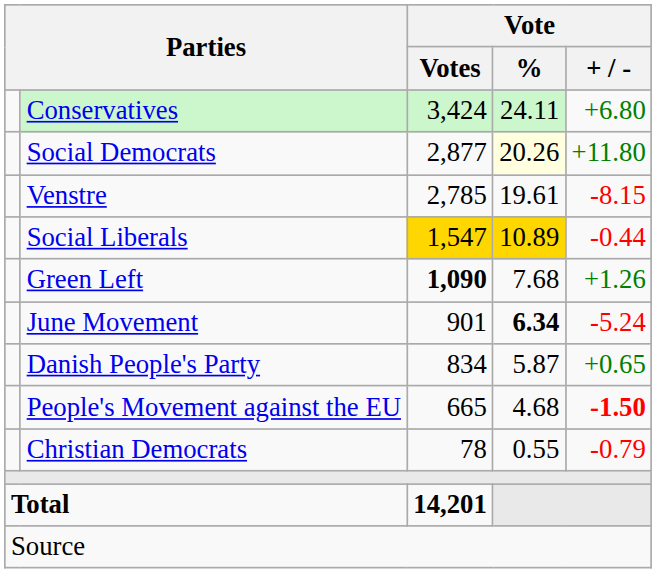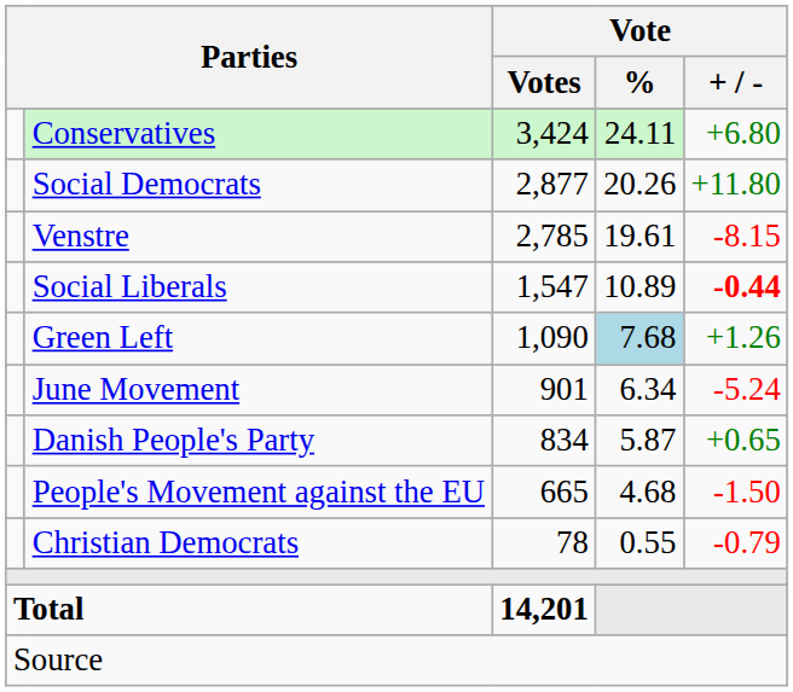 <table class="wikitable" style="text-align:right;">
 <tr>
 <th style="text-align:centre;" rowspan="2" colspan="2" width="225">Parties</th>
 <th colspan="3">Vote</th>
 </tr>
 <tr>
 <th width="15">Votes</th>
 <th width="15">%</th>
 <th width="15">+ / -</th>
 </tr>
 <tr>
 <td width="2" style="color:inherit;background:"></td>
 <td bgcolor=#ccf7cc   align="left"><a href='#'>Conservatives</a></td>
 <td bgcolor=#ccf7cc>3,424</td>
 <td bgcolor=#ccf7cc>24.11</td>
 <td style=color:green;>+6.80</td>
 </tr>
 <tr>
 <td width="2" style="color:inherit;background:"></td>
 <td align="left"><a href='#'>Social Democrats</a></td>
 <td>2,877</td>
-<td style="background: lightyellow;">20.26</td>
+<td>20.26</td>
 <td style=color:green;>+11.80</td>
 </tr>
 <tr>
 <td width="2" style="color:inherit;background:"></td>
 <td align="left"><a href='#'>Venstre</a></td>
 <td>2,785</td>
 <td>19.61</td>
 <td style=color:red;>-8.15</td>
 </tr>
 <tr>
 <td width="2" style="color:inherit;background:"></td>
 <td align="left"><a href='#'>Social Liberals</a></td>
-<td style="background: gold;">1,547</td>
-<td style="background: gold;">10.89</td>
-<td style=color:red;>-0.44</td>
+<td>1,547</td>
+<td>10.89</td>
+<td style=color:red;><strong>-0.44</strong></td>
 </tr>
 <tr>
 <td width="2" style="color:inherit;background:"></td>
 <td align="left"><a href='#'>Green Left</a></td>
-<td><strong>1,090</strong></td>
-<td>7.68</td>
+<td>1,090</td>
+<td style="background: lightblue;">7.68</td>
 <td style=color:green;>+1.26</td>
 </tr>
 <tr>
 <td width="2" style="color:inherit;background:"></td>
 <td align="left"><a href='#'>June Movement</a></td>
 <td>901</td>
-<td><strong>6.34</strong></td>
+<td>6.34</td>
 <td style=color:red;>-5.24</td>
 </tr>
 <tr>
 <td width="2" style="color:inherit;background:"></td>
 <td align="left"><a href='#'>Danish People's Party</a></td>
 <td>834</td>
 <td>5.87</td>
 <td style=color:green;>+0.65</td>
 </tr>
 <tr>
 <td width="2" style="color:inherit;background:"></td>
 <td align="left"><a href='#'>People's Movement against the EU</a></td>
 <td>665</td>
 <td>4.68</td>
-<td style=color:red;><strong>-1.50</strong></td>
+<td style=color:red;>-1.50</td>
 </tr>
 <tr>
 <td width="2" style="color:inherit;background:"></td>
 <td align="left"><a href='#'>Christian Democrats</a></td>
 <td>78</td>
 <td>0.55</td>
 <td style=color:red;>-0.79</td>
 </tr>
 <tr>
 <td colspan="7" bgcolor="#E9E9E9"></td>
 </tr>
 <tr>
 <td align="left" colspan="2"><strong>Total</strong></td>
 <td><strong>14,201</strong></td>
 <td bgcolor="#E9E9E9" colspan="2"></td>
 </tr>
 <tr>
 <td align="left" colspan="6">Source</td>
 </tr>
 </table>
